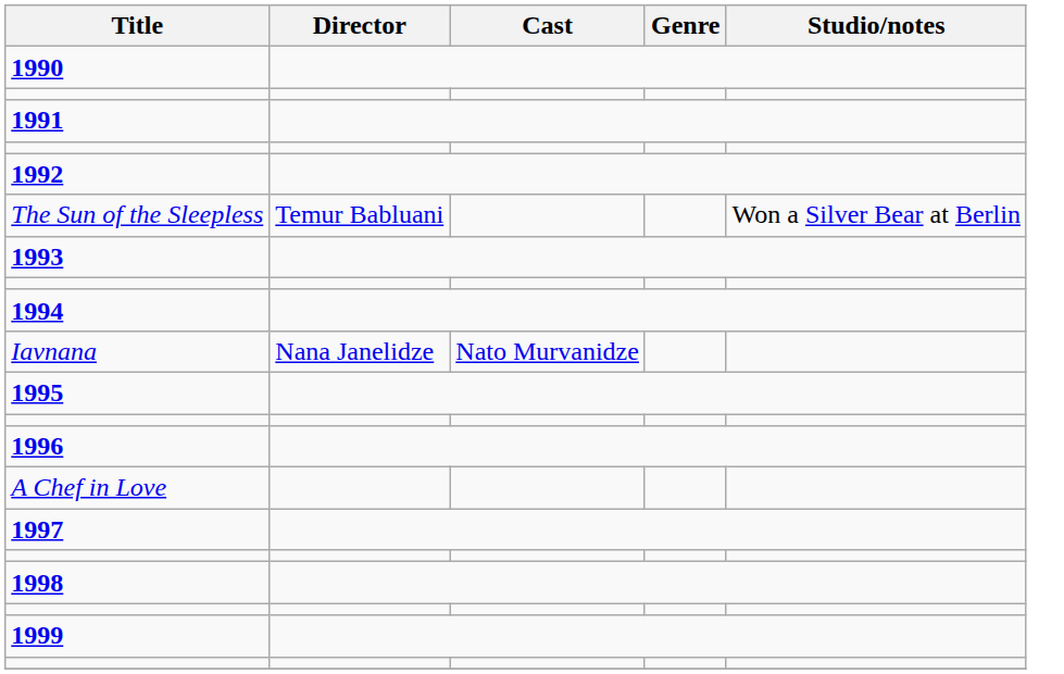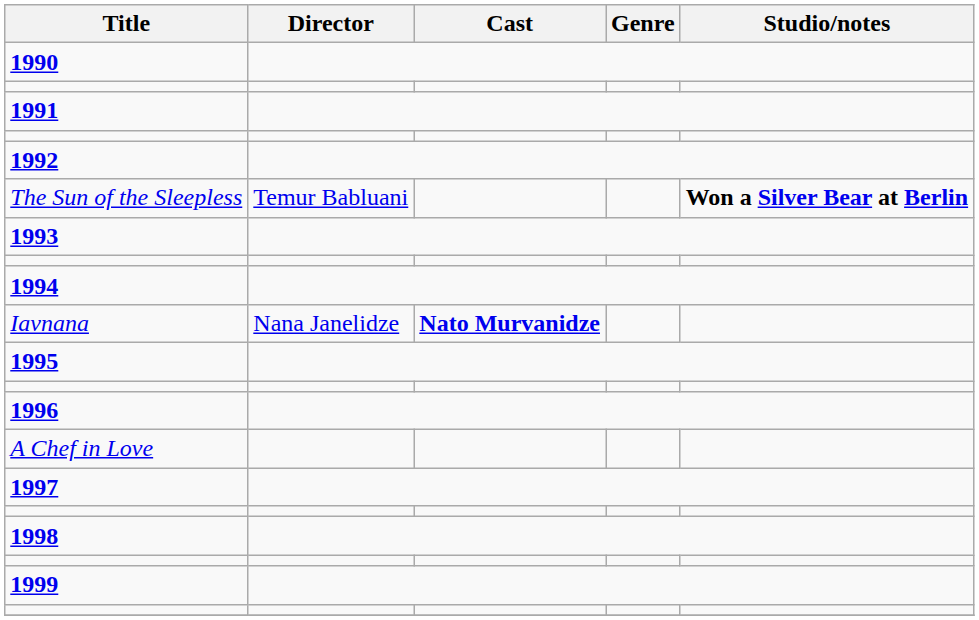 <table class="wikitable">
 <tr>
 <th>Title</th>
 <th>Director</th>
 <th>Cast</th>
 <th>Genre</th>
 <th>Studio/notes</th>
 </tr>
 <tr>
 <td><strong><a href='#'>1990</a></strong></td>
 </tr>
 <tr>
 <td></td>
 <td></td>
 <td></td>
 <td></td>
 <td></td>
 </tr>
 <tr>
 <td><strong><a href='#'>1991</a></strong></td>
 </tr>
 <tr>
 <td></td>
 <td></td>
 <td></td>
 <td></td>
 <td></td>
 </tr>
 <tr>
 <td><strong><a href='#'>1992</a></strong></td>
 </tr>
 <tr>
 <td><em><a href='#'>The Sun of the Sleepless</a></em></td>
 <td><a href='#'>Temur Babluani</a></td>
 <td></td>
 <td></td>
-<td>Won a <a href='#'>Silver Bear</a> at <a href='#'>Berlin</a></td>
+<td><strong>Won a <a href='#'>Silver Bear</a> at <a href='#'>Berlin</a></strong></td>
 </tr>
 <tr>
 <td><strong><a href='#'>1993</a></strong></td>
 </tr>
 <tr>
 <td></td>
 <td></td>
 <td></td>
 <td></td>
 <td></td>
 </tr>
 <tr>
 <td><strong><a href='#'>1994</a></strong></td>
 </tr>
 <tr>
 <td><em><a href='#'>Iavnana</a></em></td>
 <td><a href='#'>Nana Janelidze</a></td>
-<td><a href='#'>Nato Murvanidze</a></td>
+<td><strong><a href='#'>Nato Murvanidze</a></strong></td>
 <td></td>
 <td></td>
 </tr>
 <tr>
 <td><strong><a href='#'>1995</a></strong></td>
 </tr>
 <tr>
 <td></td>
 <td></td>
 <td></td>
 <td></td>
 <td></td>
 </tr>
 <tr>
 <td><strong><a href='#'>1996</a></strong></td>
 </tr>
 <tr>
 <td><em><a href='#'>A Chef in Love</a></em></td>
 <td></td>
 <td></td>
 <td></td>
 <td></td>
 </tr>
 <tr>
 <td><strong><a href='#'>1997</a></strong></td>
 </tr>
 <tr>
 <td></td>
 <td></td>
 <td></td>
 <td></td>
 <td></td>
 </tr>
 <tr>
 <td><strong><a href='#'>1998</a></strong></td>
 </tr>
 <tr>
 <td></td>
 <td></td>
 <td></td>
 <td></td>
 <td></td>
 </tr>
 <tr>
 <td><strong><a href='#'>1999</a></strong></td>
 </tr>
 <tr>
 <td></td>
 <td></td>
 <td></td>
 <td></td>
 <td></td>
 </tr>
 <tr>
 </tr>
 </table>
